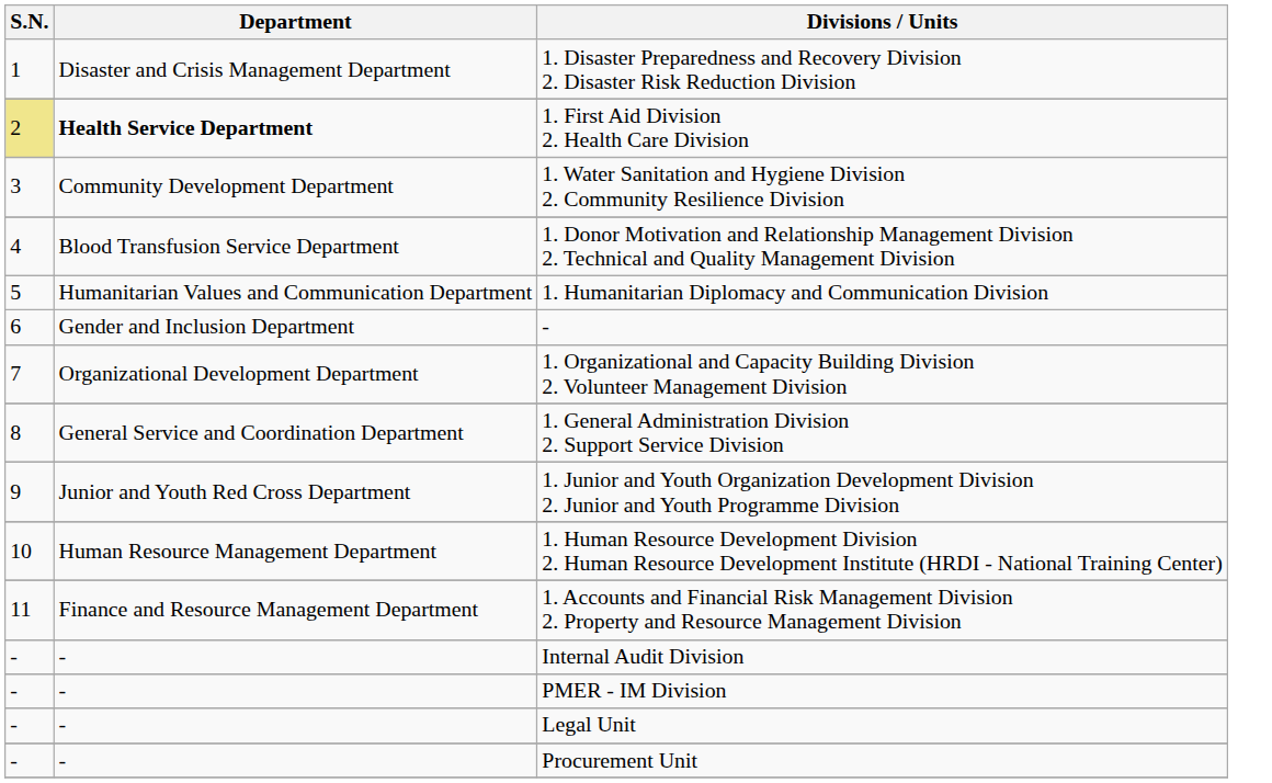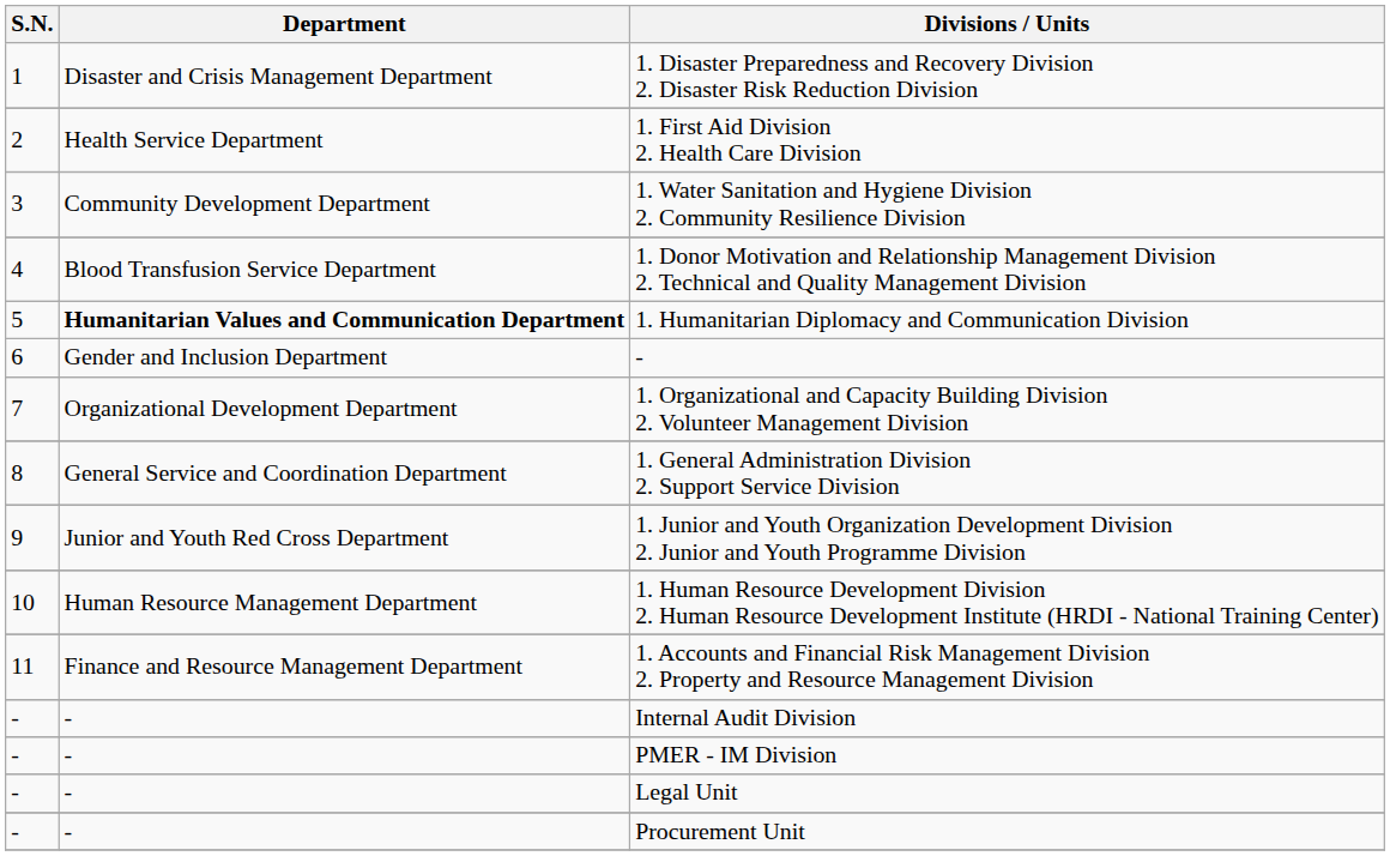 <table class="wikitable sortable">
 <tr>
 <th>S.N.</th>
 <th>Department</th>
 <th>Divisions / Units</th>
 </tr>
 <tr>
 <td>1</td>
 <td>Disaster and Crisis Management Department</td>
 <td>1. Disaster Preparedness and Recovery Division<br>2. Disaster Risk Reduction Division</td>
 </tr>
 <tr>
 </tr>
 <tr>
-<td style="background: khaki;">2</td>
-<td><strong>Health Service Department</strong></td>
+<td>2</td>
+<td>Health Service Department</td>
 <td>1. First Aid Division<br>2. Health Care Division</td>
 </tr>
 <tr>
 </tr>
 <tr>
 <td>3</td>
 <td>Community Development Department</td>
 <td>1. Water Sanitation and Hygiene Division<br>2. Community Resilience Division</td>
 </tr>
 <tr>
 </tr>
 <tr>
 <td>4</td>
 <td>Blood Transfusion Service Department</td>
 <td>1. Donor Motivation and Relationship Management Division<br>2. Technical and Quality Management Division</td>
 </tr>
 <tr>
 </tr>
 <tr>
 <td>5</td>
-<td>Humanitarian Values and Communication Department</td>
+<td><strong>Humanitarian Values and Communication Department</strong></td>
 <td>1. Humanitarian Diplomacy and Communication Division</td>
 </tr>
 <tr>
 <td>6</td>
 <td>Gender and Inclusion Department</td>
 <td>-</td>
 </tr>
 <tr>
 </tr>
 <tr>
 <td>7</td>
 <td>Organizational Development Department</td>
 <td>1. Organizational and Capacity Building Division<br>2. Volunteer Management Division</td>
 </tr>
 <tr>
 </tr>
 <tr>
 <td>8</td>
 <td>General Service and Coordination Department</td>
 <td>1. General Administration Division<br>2. Support Service Division</td>
 </tr>
 <tr>
 </tr>
 <tr>
 <td>9</td>
 <td>Junior and Youth Red Cross Department</td>
 <td>1. Junior and Youth Organization Development Division<br>2. Junior and Youth Programme Division</td>
 </tr>
 <tr>
 </tr>
 <tr>
 <td>10</td>
 <td>Human Resource Management Department</td>
 <td>1. Human Resource Development Division<br>2. Human Resource Development Institute (HRDI - National Training Center)</td>
 </tr>
 <tr>
 </tr>
 <tr>
 <td>11</td>
 <td>Finance and Resource Management Department</td>
 <td>1. Accounts and Financial Risk Management Division<br>2. Property and Resource Management Division</td>
 </tr>
 <tr>
 </tr>
 <tr>
 <td>-</td>
 <td>-</td>
 <td>Internal Audit Division</td>
 </tr>
 <tr>
 </tr>
 <tr>
 <td>-</td>
 <td>-</td>
 <td>PMER - IM Division</td>
 </tr>
 <tr>
 </tr>
 <tr>
 <td>-</td>
 <td>-</td>
 <td>Legal Unit</td>
 </tr>
 <tr>
 </tr>
 <tr>
 <td>-</td>
 <td>-</td>
 <td>Procurement Unit</td>
 </tr>
 <tr>
 </tr>
 </table>
